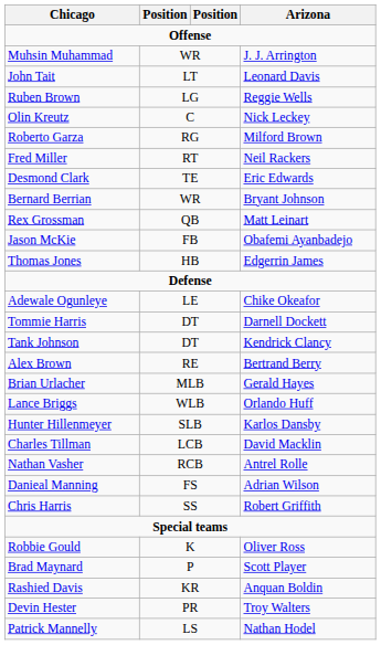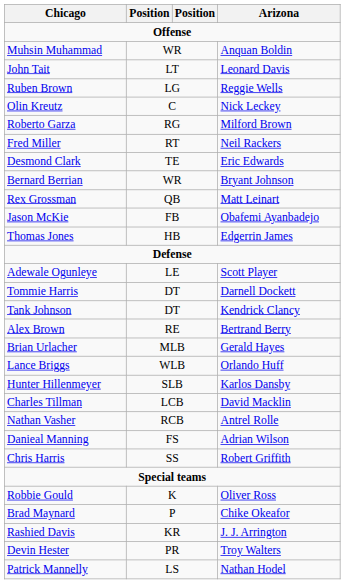 <table class="wikitable">
 <tr>
 <th style="width:160px;">Chicago</th>
 <th>Position</th>
 <th>Position</th>
 <th style="width:160px;">Arizona</th>
 </tr>
 <tr>
 <td colspan="4" style="text-align:center;"><strong>Offense</strong></td>
 </tr>
 <tr>
 <td><a href='#'>Muhsin Muhammad</a></td>
 <td colspan="2" style="text-align:center;">WR</td>
-<td><a href='#'>J. J. Arrington</a></td>
+<td><a href='#'>Anquan Boldin</a></td>
 </tr>
 <tr>
 <td><a href='#'>John Tait</a></td>
 <td colspan="2" style="text-align:center;">LT</td>
 <td><a href='#'>Leonard Davis</a></td>
 </tr>
 <tr>
 <td><a href='#'>Ruben Brown</a></td>
 <td colspan="2" style="text-align:center;">LG</td>
 <td><a href='#'>Reggie Wells</a></td>
 </tr>
 <tr>
 <td><a href='#'>Olin Kreutz</a></td>
 <td colspan="2" style="text-align:center;">C</td>
 <td><a href='#'>Nick Leckey</a></td>
 </tr>
 <tr>
 <td><a href='#'>Roberto Garza</a></td>
 <td colspan="2" style="text-align:center;">RG</td>
 <td><a href='#'>Milford Brown</a></td>
 </tr>
 <tr>
 <td><a href='#'>Fred Miller</a></td>
 <td colspan="2" style="text-align:center;">RT</td>
 <td><a href='#'>Neil Rackers</a></td>
 </tr>
 <tr>
 <td><a href='#'>Desmond Clark</a></td>
 <td colspan="2" style="text-align:center;">TE</td>
 <td><a href='#'>Eric Edwards</a></td>
 </tr>
 <tr>
 <td><a href='#'>Bernard Berrian</a></td>
 <td colspan="2" style="text-align:center;">WR</td>
 <td><a href='#'>Bryant Johnson</a></td>
 </tr>
 <tr>
 <td><a href='#'>Rex Grossman</a></td>
 <td colspan="2" style="text-align:center;">QB</td>
 <td><a href='#'>Matt Leinart</a></td>
 </tr>
 <tr>
 <td><a href='#'>Jason McKie</a></td>
 <td colspan="2" style="text-align:center;">FB</td>
 <td><a href='#'>Obafemi Ayanbadejo</a></td>
 </tr>
 <tr>
 <td><a href='#'>Thomas Jones</a></td>
 <td colspan="2" style="text-align:center;">HB</td>
 <td><a href='#'>Edgerrin James</a></td>
 </tr>
 <tr>
 <td colspan="4" style="text-align:center;"><strong>Defense</strong></td>
 </tr>
 <tr>
 <td><a href='#'>Adewale Ogunleye</a></td>
 <td colspan="2" style="text-align:center;">LE</td>
-<td><a href='#'>Chike Okeafor</a></td>
+<td><a href='#'>Scott Player</a></td>
 </tr>
 <tr>
 <td><a href='#'>Tommie Harris</a></td>
 <td colspan="2" style="text-align:center;">DT</td>
 <td><a href='#'>Darnell Dockett</a></td>
 </tr>
 <tr>
 <td><a href='#'>Tank Johnson</a></td>
 <td colspan="2" style="text-align:center;">DT</td>
 <td><a href='#'>Kendrick Clancy</a></td>
 </tr>
 <tr>
 <td><a href='#'>Alex Brown</a></td>
 <td colspan="2" style="text-align:center;">RE</td>
 <td><a href='#'>Bertrand Berry</a></td>
 </tr>
 <tr>
 <td><a href='#'>Brian Urlacher</a></td>
 <td colspan="2" style="text-align:center;">MLB</td>
 <td><a href='#'>Gerald Hayes</a></td>
 </tr>
 <tr>
 <td><a href='#'>Lance Briggs</a></td>
 <td colspan="2" style="text-align:center;">WLB</td>
 <td><a href='#'>Orlando Huff</a></td>
 </tr>
 <tr>
 <td><a href='#'>Hunter Hillenmeyer</a></td>
 <td colspan="2" style="text-align:center;">SLB</td>
 <td><a href='#'>Karlos Dansby</a></td>
 </tr>
 <tr>
 <td><a href='#'>Charles Tillman</a></td>
 <td colspan="2" style="text-align:center;">LCB</td>
 <td><a href='#'>David Macklin</a></td>
 </tr>
 <tr>
 <td><a href='#'>Nathan Vasher</a></td>
 <td colspan="2" style="text-align:center;">RCB</td>
 <td><a href='#'>Antrel Rolle</a></td>
 </tr>
 <tr>
 <td><a href='#'>Danieal Manning</a></td>
 <td colspan="2" style="text-align:center;">FS</td>
 <td><a href='#'>Adrian Wilson</a></td>
 </tr>
 <tr>
 <td><a href='#'>Chris Harris</a></td>
 <td colspan="2" style="text-align:center;">SS</td>
 <td><a href='#'>Robert Griffith</a></td>
 </tr>
 <tr>
 <td colspan="4" style="text-align:center;"><strong>Special teams</strong></td>
 </tr>
 <tr>
 <td><a href='#'>Robbie Gould</a></td>
 <td colspan="2" style="text-align:center;">K</td>
 <td><a href='#'>Oliver Ross</a></td>
 </tr>
 <tr>
 <td><a href='#'>Brad Maynard</a></td>
 <td colspan="2" style="text-align:center;">P</td>
-<td><a href='#'>Scott Player</a></td>
+<td><a href='#'>Chike Okeafor</a></td>
 </tr>
 <tr>
 <td><a href='#'>Rashied Davis</a></td>
 <td colspan="2" style="text-align:center;">KR</td>
-<td><a href='#'>Anquan Boldin</a></td>
+<td><a href='#'>J. J. Arrington</a></td>
 </tr>
 <tr>
 <td><a href='#'>Devin Hester</a></td>
 <td colspan="2" style="text-align:center;">PR</td>
 <td><a href='#'>Troy Walters</a></td>
 </tr>
 <tr>
 <td><a href='#'>Patrick Mannelly</a></td>
 <td colspan="2" style="text-align:center;">LS</td>
 <td><a href='#'>Nathan Hodel</a></td>
 </tr>
 </table>
